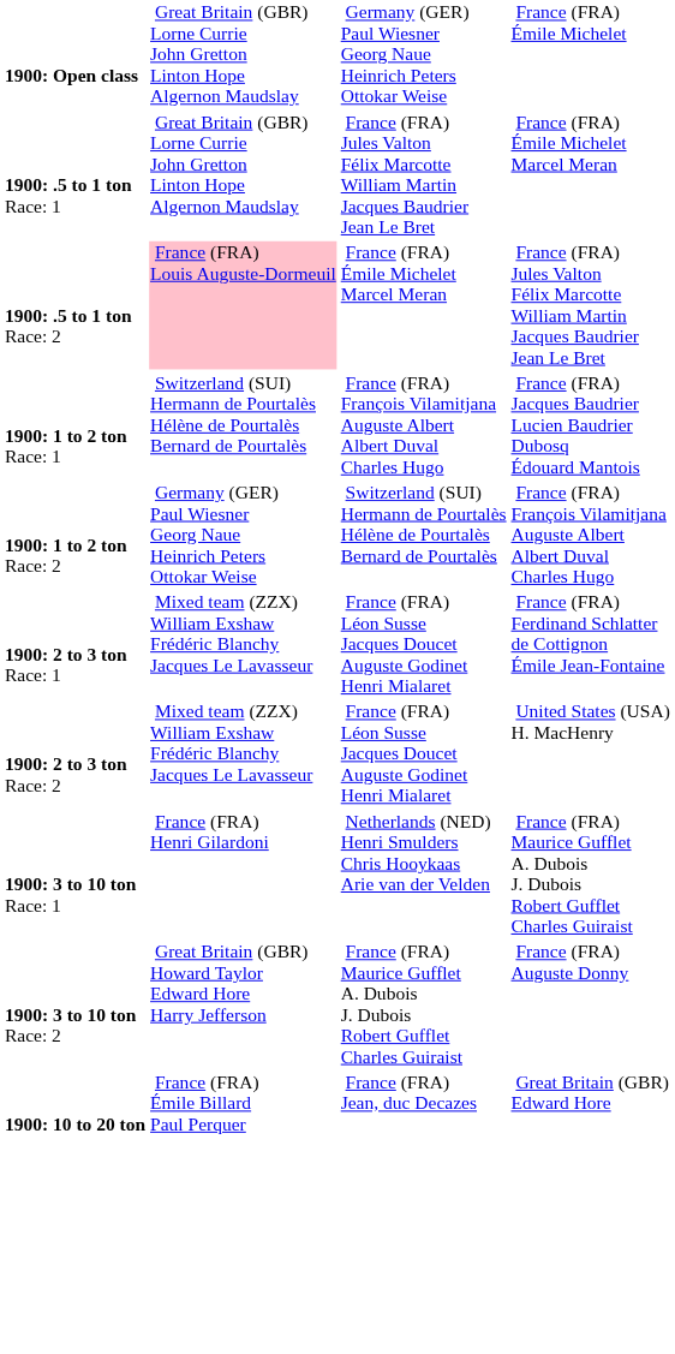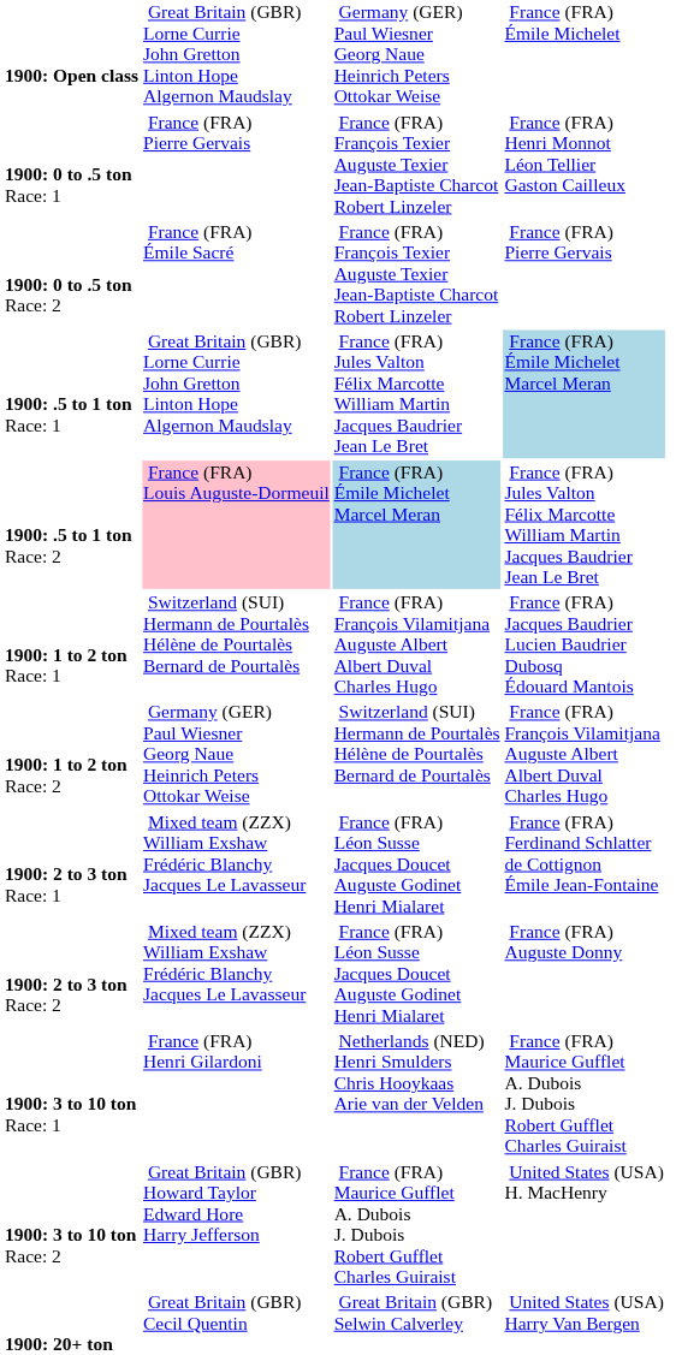 <table>
 <tr>
 <td style="align:center;"><br><br><strong>1900: Open class</strong> <br></td>
 <td style="vertical-align:top;"> <a href='#'>Great Britain</a> <span>(GBR)</span><br><a href='#'>Lorne Currie</a><br><a href='#'>John Gretton</a><br><a href='#'>Linton Hope</a><br><a href='#'>Algernon Maudslay</a></td>
 <td style="vertical-align:top;"> <a href='#'>Germany</a> <span>(GER)</span><br><a href='#'>Paul Wiesner</a><br><a href='#'>Georg Naue</a><br><a href='#'>Heinrich Peters</a><br><a href='#'>Ottokar Weise</a></td>
 <td style="vertical-align:top;"> <a href='#'>France</a> <span>(FRA)</span><br><a href='#'>Émile Michelet</a></td>
 </tr>
 <tr>
+<td style="align:center;"><br><br><strong>1900: 0 to .5 ton</strong> <br>Race: 1<br></td>
+<td style="vertical-align:top;"> <a href='#'>France</a> <span>(FRA)</span><br><a href='#'>Pierre Gervais</a></td>
+<td style="vertical-align:top;"> <a href='#'>France</a> <span>(FRA)</span><br><a href='#'>François Texier</a><br><a href='#'>Auguste Texier</a><br><a href='#'>Jean-Baptiste Charcot</a><br><a href='#'>Robert Linzeler</a></td>
+<td style="vertical-align:top;"> <a href='#'>France</a> <span>(FRA)</span><br><a href='#'>Henri Monnot</a><br><a href='#'>Léon Tellier</a><br><a href='#'>Gaston Cailleux</a></td>
+</tr>
+<tr>
+<td style="align:center;"><br><br><strong>1900: 0 to .5 ton</strong> <br>Race: 2<br></td>
+<td style="vertical-align:top;"> <a href='#'>France</a> <span>(FRA)</span><br><a href='#'>Émile Sacré</a></td>
+<td style="vertical-align:top;"> <a href='#'>France</a> <span>(FRA)</span><br><a href='#'>François Texier</a><br><a href='#'>Auguste Texier</a><br><a href='#'>Jean-Baptiste Charcot</a><br><a href='#'>Robert Linzeler</a></td>
+<td style="vertical-align:top;"> <a href='#'>France</a> <span>(FRA)</span><br><a href='#'>Pierre Gervais</a></td>
+</tr>
+<tr>
 <td style="align:center;"><br><br><strong>1900: .5 to 1 ton</strong> <br>Race: 1<br></td>
 <td style="vertical-align:top;"> <a href='#'>Great Britain</a> <span>(GBR)</span><br><a href='#'>Lorne Currie</a><br><a href='#'>John Gretton</a><br><a href='#'>Linton Hope</a><br><a href='#'>Algernon Maudslay</a></td>
 <td style="vertical-align:top;"> <a href='#'>France</a> <span>(FRA)</span><br><a href='#'>Jules Valton</a><br><a href='#'>Félix Marcotte</a><br><a href='#'>William Martin</a><br><a href='#'>Jacques Baudrier</a><br><a href='#'>Jean Le Bret</a></td>
-<td style="vertical-align:top;"> <a href='#'>France</a> <span>(FRA)</span><br><a href='#'>Émile Michelet</a><br><a href='#'>Marcel Meran</a></td>
+<td style="background: lightblue; vertical-align:top;"> <a href='#'>France</a> <span>(FRA)</span><br><a href='#'>Émile Michelet</a><br><a href='#'>Marcel Meran</a></td>
 </tr>
 <tr>
 <td style="align:center;"><br><br><strong>1900: .5 to 1 ton</strong> <br>Race: 2<br></td>
 <td style="background: pink; vertical-align:top;"> <a href='#'>France</a> <span>(FRA)</span><br><a href='#'>Louis Auguste-Dormeuil</a></td>
-<td style="vertical-align:top;"> <a href='#'>France</a> <span>(FRA)</span><br><a href='#'>Émile Michelet</a><br><a href='#'>Marcel Meran</a></td>
+<td style="background: lightblue; vertical-align:top;"> <a href='#'>France</a> <span>(FRA)</span><br><a href='#'>Émile Michelet</a><br><a href='#'>Marcel Meran</a></td>
 <td style="vertical-align:top;"> <a href='#'>France</a> <span>(FRA)</span><br><a href='#'>Jules Valton</a><br><a href='#'>Félix Marcotte</a><br><a href='#'>William Martin</a><br><a href='#'>Jacques Baudrier</a><br><a href='#'>Jean Le Bret</a></td>
 </tr>
 <tr>
 <td style="align:center;"><br><br><strong>1900: 1 to 2 ton</strong> <br>Race: 1<br></td>
 <td style="vertical-align:top;"> <a href='#'>Switzerland</a> <span>(SUI)</span><br><a href='#'>Hermann de Pourtalès</a><br><a href='#'>Hélène de Pourtalès</a><br><a href='#'>Bernard de Pourtalès</a></td>
 <td style="vertical-align:top;"> <a href='#'>France</a> <span>(FRA)</span><br><a href='#'>François Vilamitjana</a><br><a href='#'>Auguste Albert</a><br><a href='#'>Albert Duval</a><br><a href='#'>Charles Hugo</a></td>
 <td style="vertical-align:top;"> <a href='#'>France</a> <span>(FRA)</span><br><a href='#'>Jacques Baudrier</a><br><a href='#'>Lucien Baudrier</a><br><a href='#'>Dubosq</a><br><a href='#'>Édouard Mantois</a></td>
 </tr>
 <tr>
 <td style="align:center;"><br><br><strong>1900: 1 to 2 ton</strong> <br>Race: 2<br></td>
 <td style="vertical-align:top;"> <a href='#'>Germany</a> <span>(GER)</span><br><a href='#'>Paul Wiesner</a><br><a href='#'>Georg Naue</a><br><a href='#'>Heinrich Peters</a><br><a href='#'>Ottokar Weise</a></td>
 <td style="vertical-align:top;"> <a href='#'>Switzerland</a> <span>(SUI)</span><br><a href='#'>Hermann de Pourtalès</a><br><a href='#'>Hélène de Pourtalès</a><br><a href='#'>Bernard de Pourtalès</a></td>
 <td style="vertical-align:top;"> <a href='#'>France</a> <span>(FRA)</span><br><a href='#'>François Vilamitjana</a><br><a href='#'>Auguste Albert</a><br><a href='#'>Albert Duval</a><br><a href='#'>Charles Hugo</a></td>
 </tr>
 <tr>
 <td style="align:center;"><br><br><strong>1900: 2 to 3 ton</strong> <br>Race: 1<br></td>
 <td style="vertical-align:top;"> <a href='#'>Mixed team</a> <span>(ZZX)</span><br><a href='#'>William Exshaw</a><br><a href='#'>Frédéric Blanchy</a><br><a href='#'>Jacques Le Lavasseur</a></td>
 <td style="vertical-align:top;"> <a href='#'>France</a> <span>(FRA)</span><br><a href='#'>Léon Susse</a><br><a href='#'>Jacques Doucet</a><br><a href='#'>Auguste Godinet</a><br><a href='#'>Henri Mialaret</a></td>
 <td style="vertical-align:top;"> <a href='#'>France</a> <span>(FRA)</span><br><a href='#'>Ferdinand Schlatter</a><br><a href='#'>de Cottignon</a><br><a href='#'>Émile Jean-Fontaine</a></td>
 </tr>
 <tr>
 <td style="align:center;"><br><br><strong>1900: 2 to 3 ton</strong> <br>Race: 2<br></td>
 <td style="vertical-align:top;"> <a href='#'>Mixed team</a> <span>(ZZX)</span><br><a href='#'>William Exshaw</a><br><a href='#'>Frédéric Blanchy</a><br><a href='#'>Jacques Le Lavasseur</a></td>
 <td style="vertical-align:top;"> <a href='#'>France</a> <span>(FRA)</span><br><a href='#'>Léon Susse</a><br><a href='#'>Jacques Doucet</a><br><a href='#'>Auguste Godinet</a><br><a href='#'>Henri Mialaret</a></td>
-<td style="vertical-align:top;"> <a href='#'>United States</a> <span>(USA)</span><br>H. MacHenry</td>
+<td style="vertical-align:top;"> <a href='#'>France</a> <span>(FRA)</span><br><a href='#'>Auguste Donny</a></td>
 </tr>
 <tr>
 <td style="align:center;"><br><br><strong>1900: 3 to 10 ton</strong> <br>Race: 1<br></td>
 <td style="vertical-align:top;"> <a href='#'>France</a> <span>(FRA)</span><br><a href='#'>Henri Gilardoni</a></td>
 <td style="vertical-align:top;"> <a href='#'>Netherlands</a> <span>(NED)</span><br><a href='#'>Henri Smulders</a><br><a href='#'>Chris Hooykaas</a><br><a href='#'>Arie van der Velden</a></td>
 <td style="vertical-align:top;"> <a href='#'>France</a> <span>(FRA)</span><br><a href='#'>Maurice Gufflet</a><br>A. Dubois<br>J. Dubois<br><a href='#'>Robert Gufflet</a><br><a href='#'>Charles Guiraist</a></td>
 </tr>
 <tr>
 <td style="align:center;"><br><br><strong>1900: 3 to 10 ton</strong> <br>Race: 2<br></td>
 <td style="vertical-align:top;"> <a href='#'>Great Britain</a> <span>(GBR)</span><br><a href='#'>Howard Taylor</a><br><a href='#'>Edward Hore</a><br><a href='#'>Harry Jefferson</a></td>
 <td style="vertical-align:top;"> <a href='#'>France</a> <span>(FRA)</span><br><a href='#'>Maurice Gufflet</a><br>A. Dubois<br>J. Dubois<br><a href='#'>Robert Gufflet</a><br><a href='#'>Charles Guiraist</a></td>
-<td style="vertical-align:top;"> <a href='#'>France</a> <span>(FRA)</span><br><a href='#'>Auguste Donny</a></td>
+<td style="vertical-align:top;"> <a href='#'>United States</a> <span>(USA)</span><br>H. MacHenry</td>
 </tr>
 <tr>
-<td style="align:center;"><br><br><strong>1900: 10 to 20 ton</strong> <br></td>
-<td style="vertical-align:top;"> <a href='#'>France</a> <span>(FRA)</span><br><a href='#'>Émile Billard</a><br><a href='#'>Paul Perquer</a></td>
-<td style="vertical-align:top;"> <a href='#'>France</a> <span>(FRA)</span><br><a href='#'>Jean, duc Decazes</a></td>
-<td style="vertical-align:top;"> <a href='#'>Great Britain</a> <span>(GBR)</span><br><a href='#'>Edward Hore</a></td>
+<td style="align:center;"><br><br><strong>1900: 20+ ton</strong> <br></td>
+<td style="vertical-align:top;"> <a href='#'>Great Britain</a> <span>(GBR)</span><br><a href='#'>Cecil Quentin</a></td>
+<td style="vertical-align:top;"> <a href='#'>Great Britain</a> <span>(GBR)</span><br><a href='#'>Selwin Calverley</a></td>
+<td style="vertical-align:top;"> <a href='#'>United States</a> <span>(USA)</span><br><a href='#'>Harry Van Bergen</a></td>
 </tr>
 </table>
